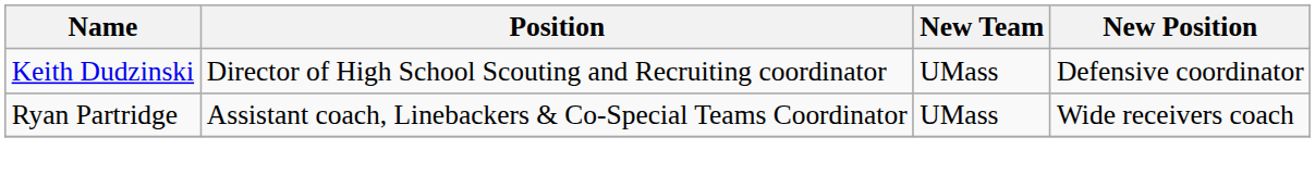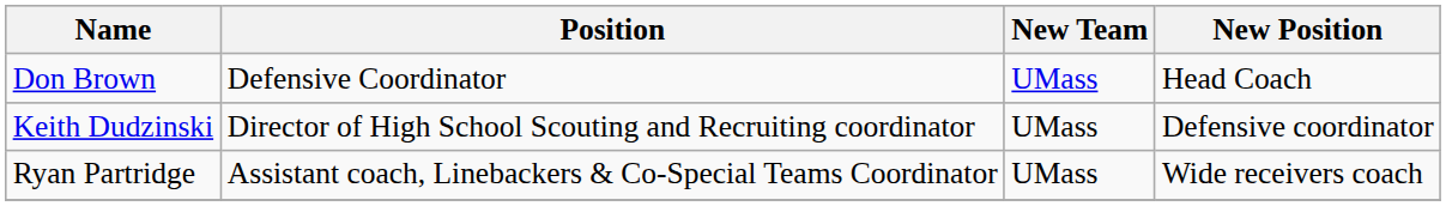 <table class="wikitable">
 <tr>
 <th style="text-align:center; ">Name</th>
 <th style="text-align:center; ">Position</th>
 <th style="text-align:center; ">New Team</th>
 <th style="text-align:center; ">New Position</th>
+</tr>
+<tr>
+<td><a href='#'>Don Brown</a></td>
+<td>Defensive Coordinator</td>
+<td><a href='#'>UMass</a></td>
+<td>Head Coach</td>
 </tr>
 <tr>
 <td><a href='#'>Keith Dudzinski</a></td>
 <td>Director of High School Scouting and Recruiting coordinator</td>
 <td>UMass</td>
 <td>Defensive coordinator</td>
 </tr>
 <tr>
 <td>Ryan Partridge</td>
 <td>Assistant coach, Linebackers & Co-Special Teams Coordinator</td>
 <td>UMass</td>
 <td>Wide receivers coach</td>
 </tr>
 <tr>
 </tr>
 </table>
